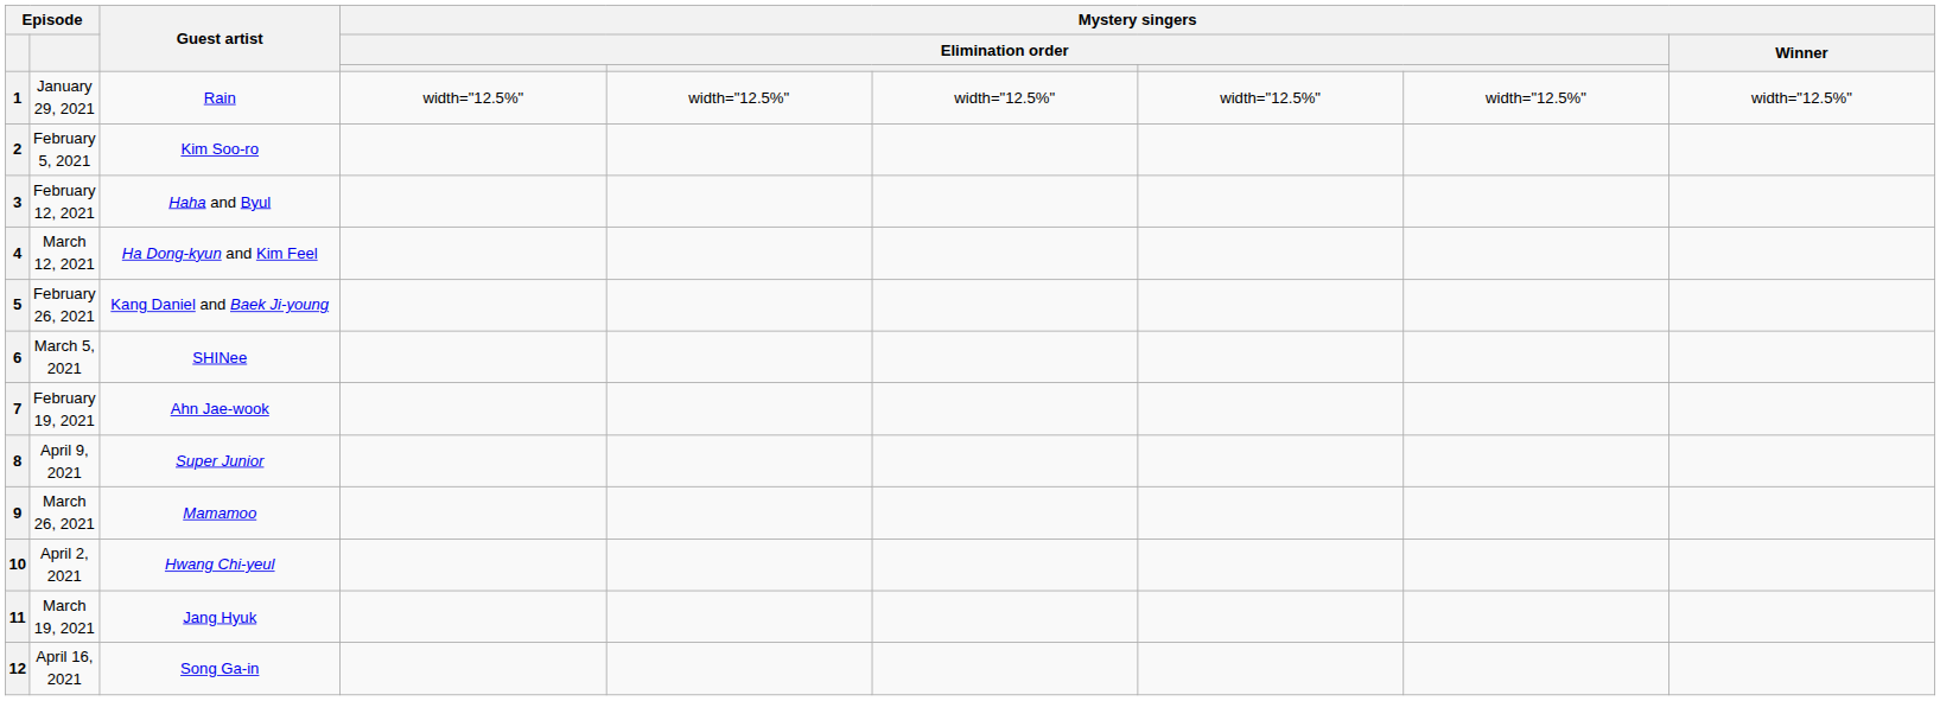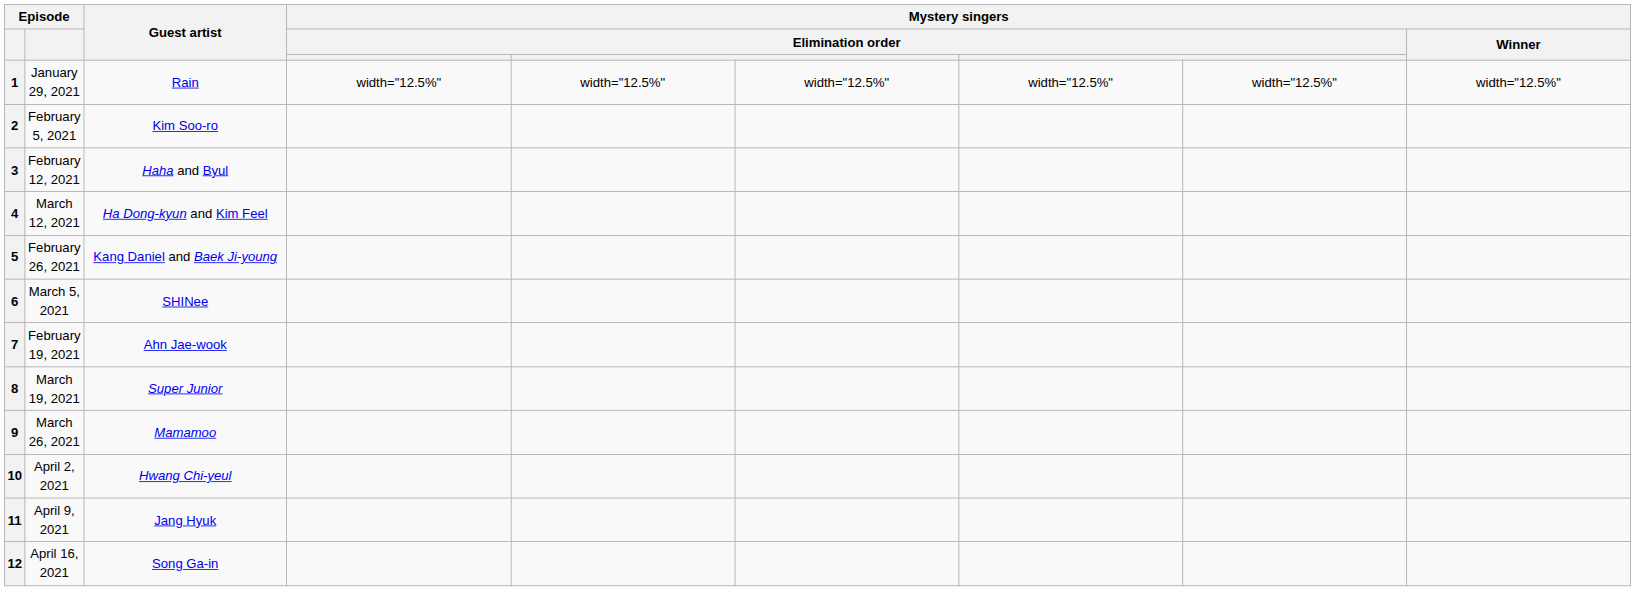 <table class="wikitable plainrowheaders mw-collapsible" style="text-align:center; line-height:23px; width:100%;">
 <tr>
 <th colspan="2" width="1%">Episode</th>
 <th rowspan="3" width="12.5%">Guest artist</th>
 <th colspan="6">Mystery singers<br></th>
 </tr>
 <tr>
 <th rowspan="2"></th>
 <th rowspan="2"></th>
 <th colspan="5">Elimination order</th>
 <th rowspan="2">Winner</th>
 </tr>
 <tr>
 <th></th>
 <th colspan="2"></th>
 <th colspan="2"></th>
 </tr>
 <tr>
 <th>1</th>
 <td>January 29, 2021</td>
 <td><a href='#'>Rain</a><br></td>
 <td>width="12.5%" </td>
 <td>width="12.5%" </td>
 <td>width="12.5%" </td>
 <td>width="12.5%" </td>
 <td>width="12.5%" </td>
 <td>width="12.5%" </td>
 </tr>
 <tr>
 <th>2</th>
 <td>February 5, 2021</td>
 <td><a href='#'>Kim Soo-ro</a><br></td>
 <td></td>
 <td></td>
 <td></td>
 <td></td>
 <td></td>
 <td></td>
 </tr>
 <tr>
 <th>3</th>
 <td>February 12, 2021</td>
 <td><em><a href='#'>Haha</a></em> and <a href='#'>Byul</a><br></td>
 <td></td>
 <td></td>
 <td></td>
 <td></td>
 <td></td>
 <td></td>
 </tr>
 <tr>
 <th>4</th>
 <td>March 12, 2021</td>
 <td><em><a href='#'>Ha Dong-kyun</a></em> and <a href='#'>Kim Feel</a><br></td>
 <td></td>
 <td></td>
 <td></td>
 <td></td>
 <td></td>
 <td></td>
 </tr>
 <tr>
 <th>5</th>
 <td>February 26, 2021</td>
 <td><a href='#'>Kang Daniel</a> and <em><a href='#'>Baek Ji-young</a></em><br></td>
 <td></td>
 <td></td>
 <td></td>
 <td></td>
 <td></td>
 <td></td>
 </tr>
 <tr>
 <th>6</th>
 <td>March 5, 2021</td>
 <td><a href='#'>SHINee</a><br></td>
 <td></td>
 <td></td>
 <td></td>
 <td></td>
 <td></td>
 <td></td>
 </tr>
 <tr>
 <th>7</th>
 <td>February 19, 2021</td>
 <td><a href='#'>Ahn Jae-wook</a><br></td>
 <td></td>
 <td></td>
 <td></td>
 <td></td>
 <td></td>
 <td></td>
 </tr>
 <tr>
 <th>8</th>
-<td>April 9, 2021</td>
+<td>March 19, 2021</td>
 <td><em><a href='#'>Super Junior</a></em><br></td>
 <td></td>
 <td></td>
 <td></td>
 <td></td>
 <td></td>
 <td></td>
 </tr>
 <tr>
 <th>9</th>
 <td>March 26, 2021</td>
 <td><em><a href='#'>Mamamoo</a></em><br></td>
 <td></td>
 <td></td>
 <td></td>
 <td></td>
 <td></td>
 <td></td>
 </tr>
 <tr>
 <th>10</th>
 <td>April 2, 2021</td>
 <td><em><a href='#'>Hwang Chi-yeul</a></em><br></td>
 <td></td>
 <td></td>
 <td></td>
 <td></td>
 <td></td>
 <td></td>
 </tr>
 <tr>
 <th>11</th>
-<td>March 19, 2021</td>
+<td>April 9, 2021</td>
 <td><a href='#'>Jang Hyuk</a><br></td>
 <td></td>
 <td></td>
 <td></td>
 <td></td>
 <td></td>
 <td></td>
 </tr>
 <tr>
 <th>12</th>
 <td>April 16, 2021</td>
 <td><a href='#'>Song Ga-in</a><br></td>
 <td></td>
 <td></td>
 <td></td>
 <td></td>
 <td></td>
 <td></td>
 </tr>
 </table>
